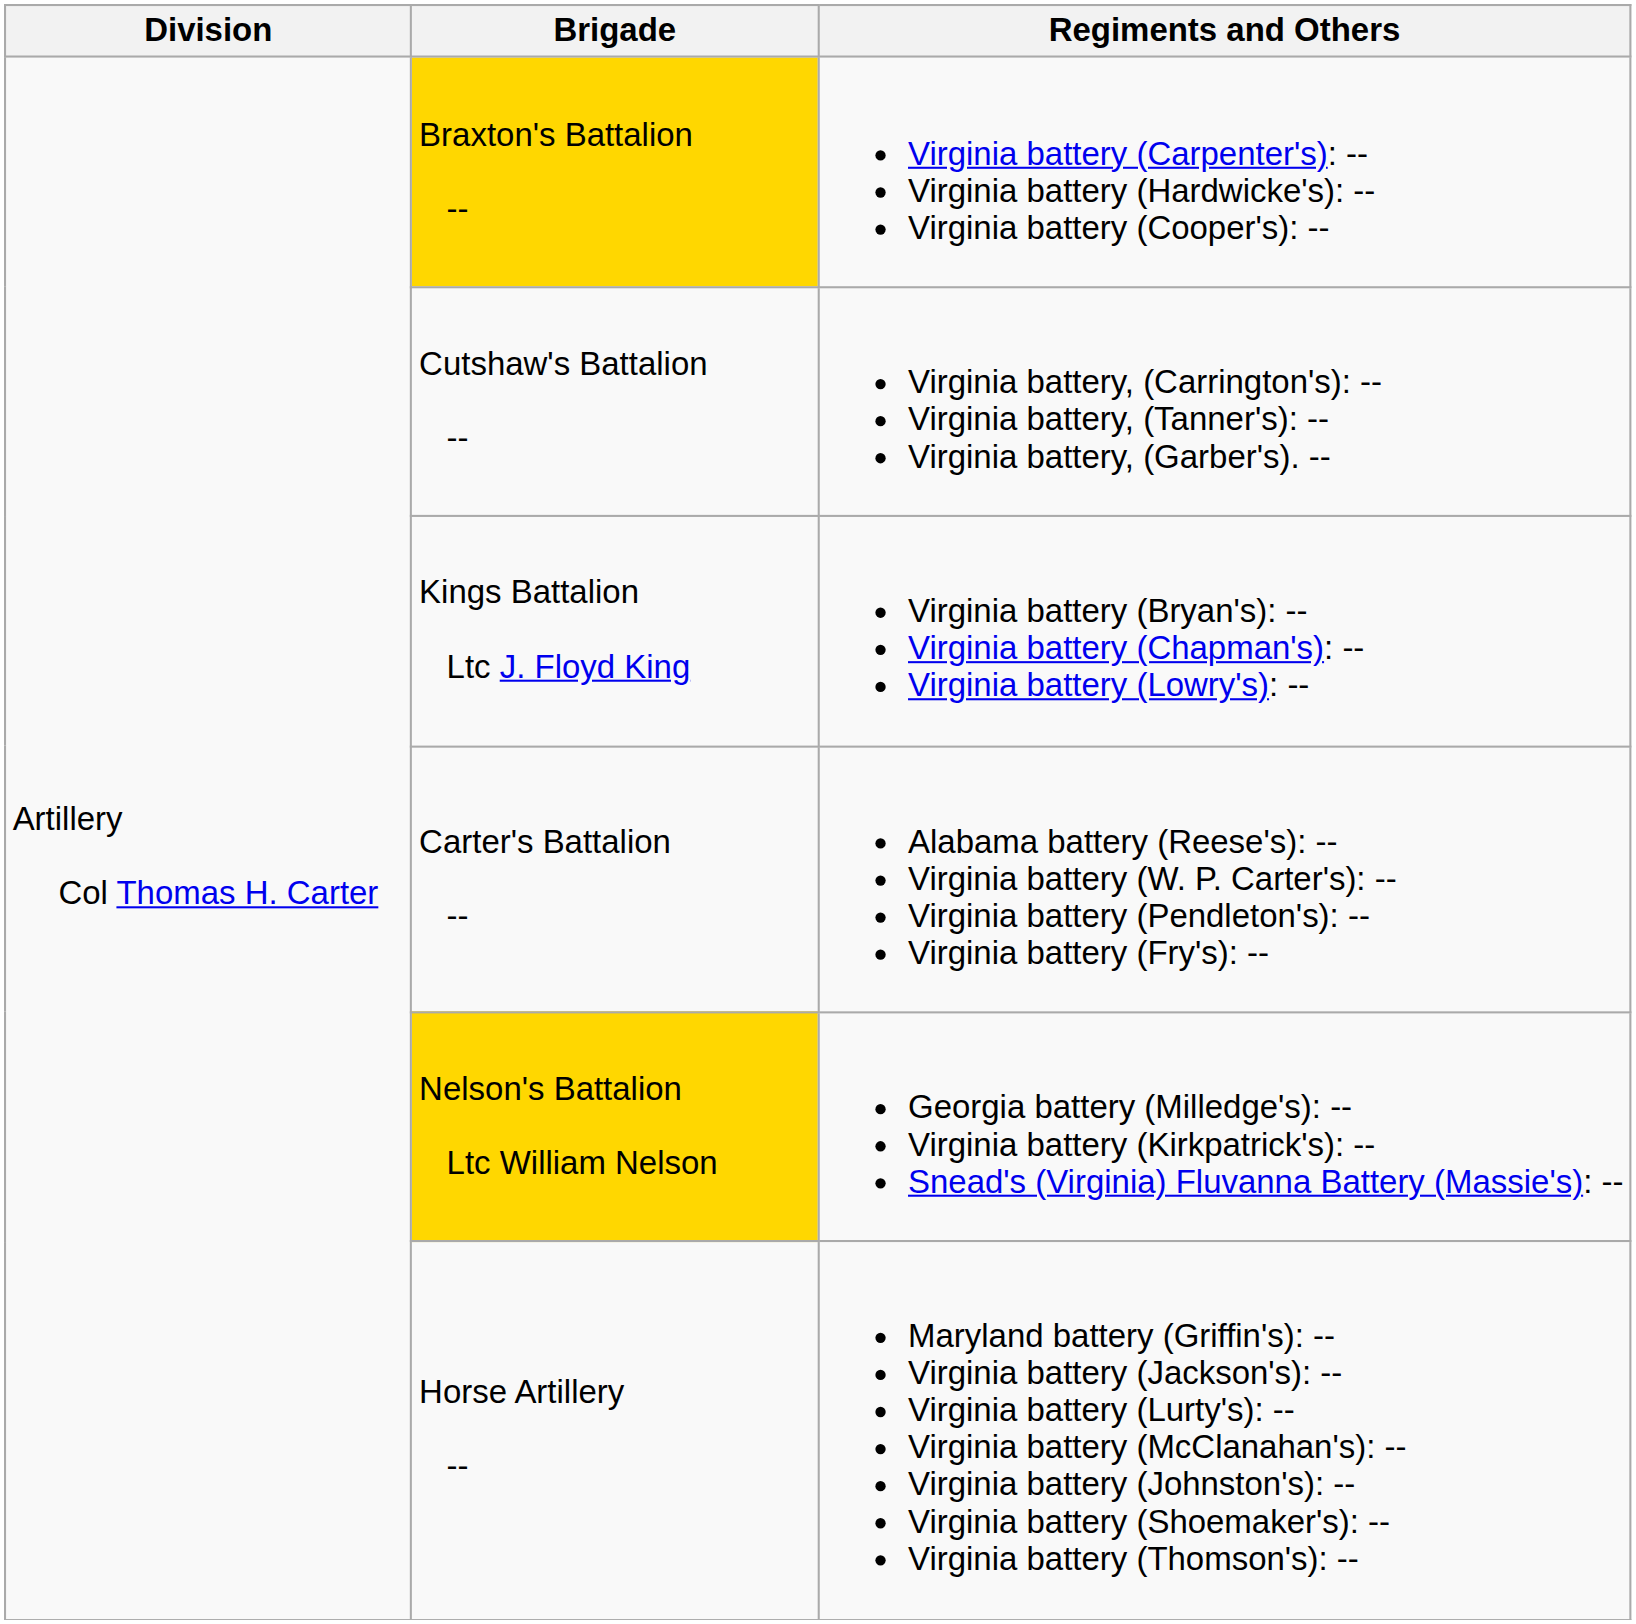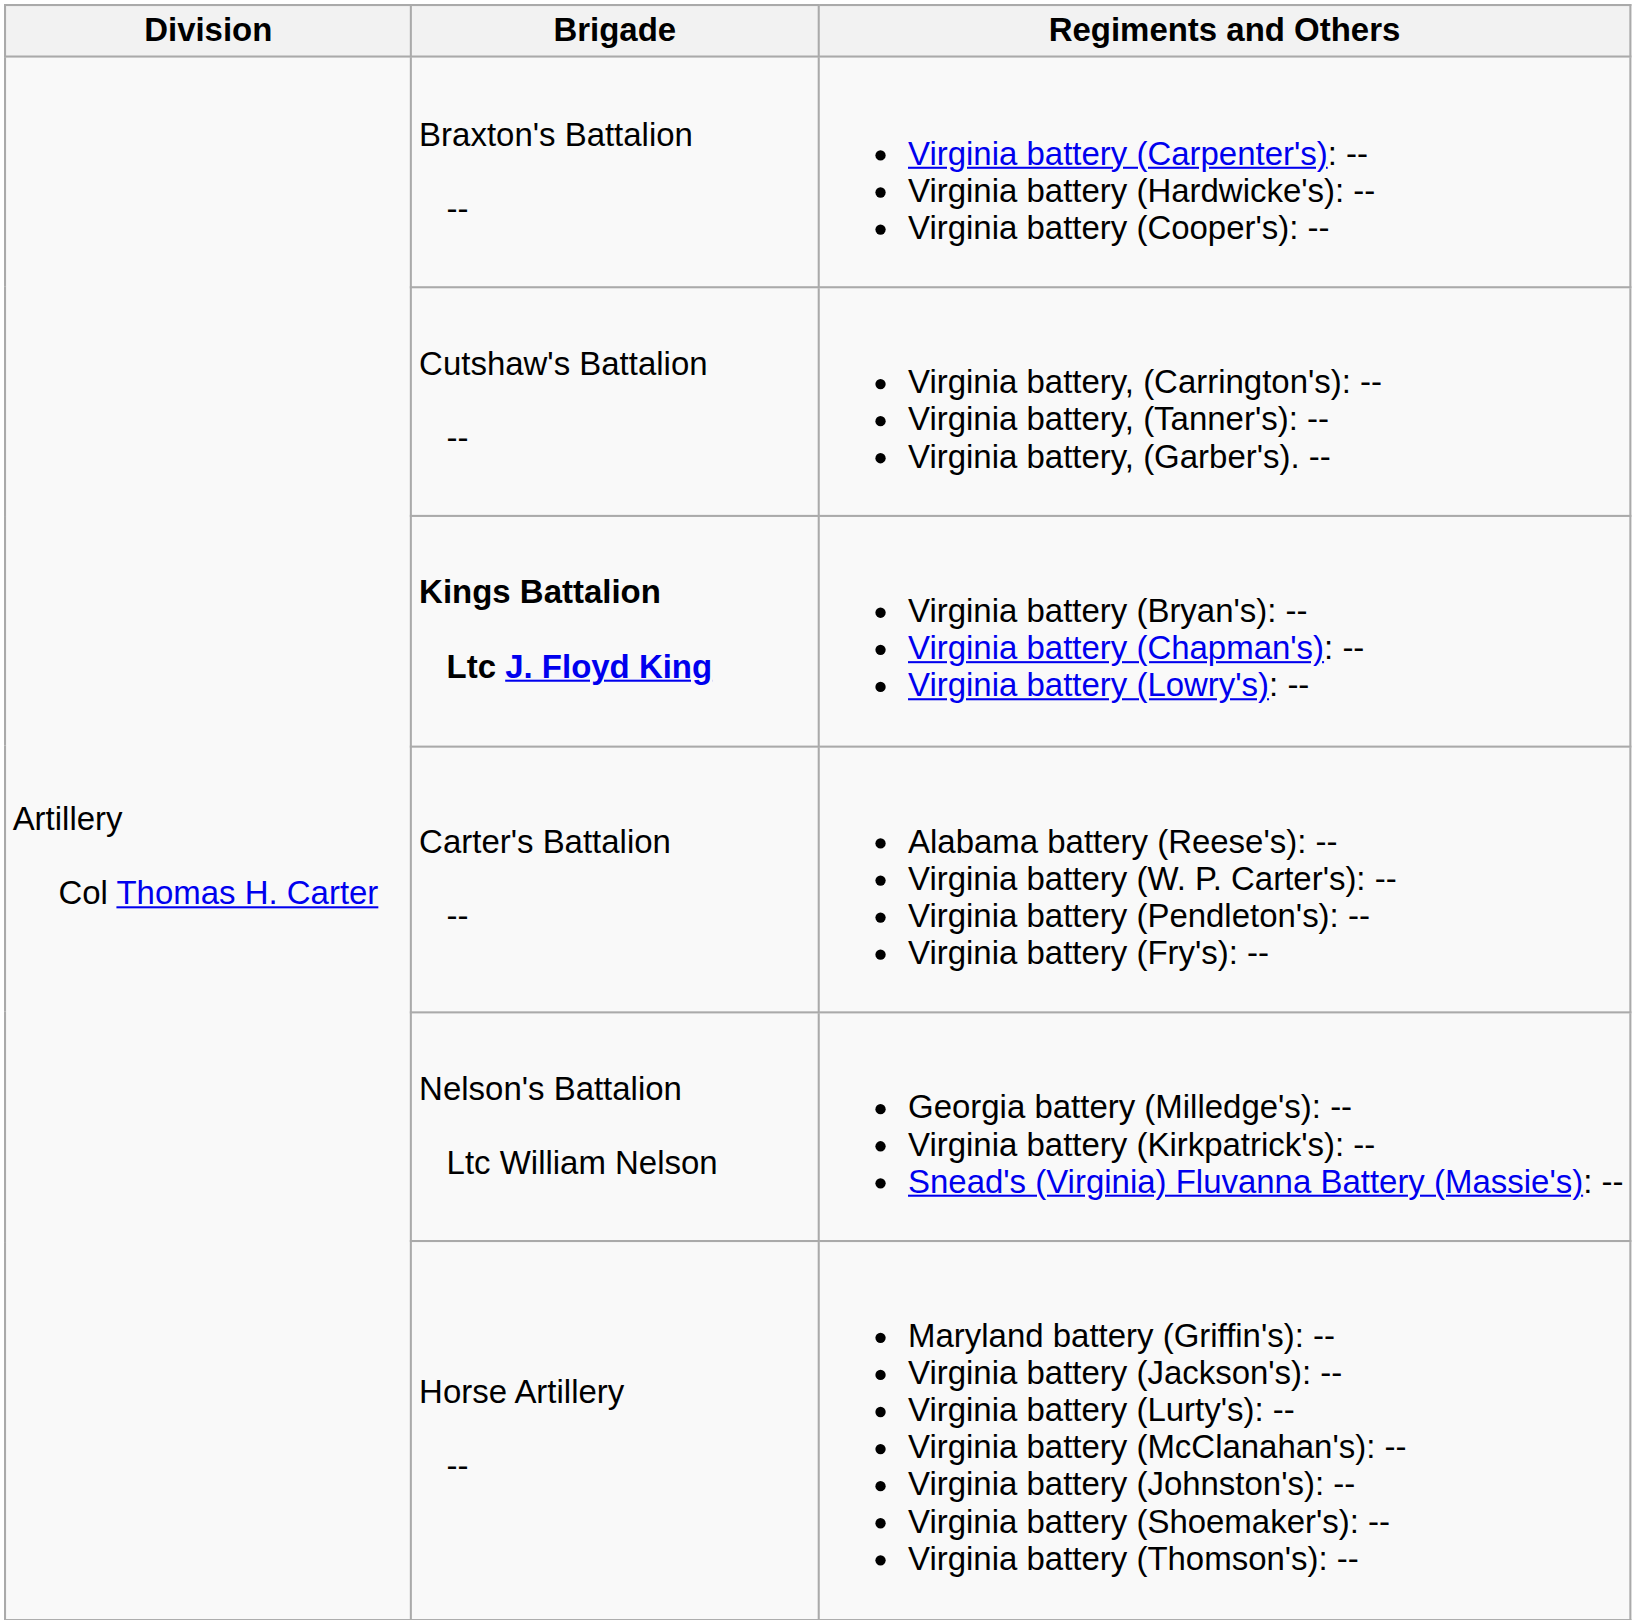 <table class="wikitable">
 <tr>
 <th width=25%>Division</th>
 <th width=25%>Brigade</th>
 <th>Regiments and Others</th>
 </tr>
 <tr>
 <td rowspan=6><br>Artillery<br><br>     Col <a href='#'>Thomas H. Carter</a></td>
-<td style="background: gold;">Braxton's Battalion<br><br>   --</td>
+<td>Braxton's Battalion<br><br>   --</td>
 <td><br><ul><li><a href='#'>Virginia battery (Carpenter's)</a>: --</li><li>Virginia battery (Hardwicke's): --</li><li>Virginia battery (Cooper's): --</li></ul></td>
 </tr>
 <tr>
 <td>Cutshaw's Battalion<br><br>   --</td>
 <td><br><ul><li>Virginia battery, (Carrington's): --</li><li>Virginia battery, (Tanner's): --</li><li>Virginia battery, (Garber's). --</li></ul></td>
 </tr>
 <tr>
-<td>Kings Battalion<br><br>   Ltc <a href='#'>J. Floyd King</a></td>
+<td><strong>Kings Battalion<br><br>   Ltc <a href='#'>J. Floyd King</a></strong></td>
 <td><br><ul><li>Virginia battery (Bryan's): --</li><li><a href='#'>Virginia battery (Chapman's)</a>: --</li><li><a href='#'>Virginia battery (Lowry's)</a>: --</li></ul></td>
 </tr>
 <tr>
 <td>Carter's Battalion<br><br>   --</td>
 <td><br><ul><li>Alabama battery (Reese's): --</li><li>Virginia battery (W. P. Carter's): --</li><li>Virginia battery (Pendleton's): --</li><li>Virginia battery (Fry's): --</li></ul></td>
 </tr>
 <tr>
-<td style="background: gold;">Nelson's Battalion<br><br>   Ltc William Nelson</td>
+<td>Nelson's Battalion<br><br>   Ltc William Nelson</td>
 <td><br><ul><li>Georgia battery (Milledge's): --</li><li>Virginia battery (Kirkpatrick's): --</li><li><a href='#'>Snead's (Virginia) Fluvanna Battery (Massie's)</a>: --</li></ul></td>
 </tr>
 <tr>
 <td>Horse Artillery<br><br>   --</td>
 <td><br><ul><li>Maryland battery (Griffin's): --</li><li>Virginia battery (Jackson's): --</li><li>Virginia battery (Lurty's): --</li><li>Virginia battery (McClanahan's): --</li><li>Virginia battery (Johnston's): --</li><li>Virginia battery (Shoemaker's): --</li><li>Virginia battery (Thomson's): --</li></ul></td>
 </tr>
 </table>
